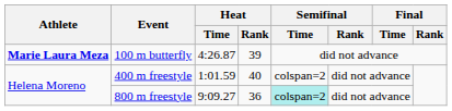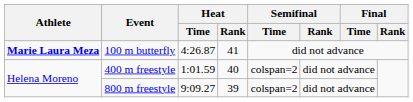 <table class=wikitable style="font-size:90%">
 <tr>
 <th rowspan="2">Athlete</th>
 <th rowspan="2">Event</th>
 <th colspan="2">Heat</th>
 <th colspan="2">Semifinal</th>
 <th colspan="2">Final</th>
 </tr>
 <tr style="font-size:95%">
 <th>Time</th>
 <th>Rank</th>
 <th>Time</th>
 <th>Rank</th>
 <th>Time</th>
 <th>Rank</th>
 </tr>
 <tr align=center>
 <td align=left><strong><a href='#'>Marie Laura Meza</a></strong></td>
 <td align=left><a href='#'>100 m butterfly</a></td>
 <td>4:26.87</td>
-<td>39</td>
+<td>41</td>
 <td colspan=4>did not advance</td>
 </tr>
 <tr align=center>
 <td align=left rowspan=2><a href='#'>Helena Moreno</a></td>
 <td align=left><a href='#'>400 m freestyle</a></td>
 <td>1:01.59</td>
 <td>40</td>
 <td>colspan=2 </td>
 <td colspan=2>did not advance</td>
 </tr>
 <tr align=center>
 <td align=left><a href='#'>800 m freestyle</a></td>
 <td>9:09.27</td>
-<td>36</td>
-<td style="background: paleturquoise;">colspan=2 </td>
+<td>39</td>
+<td>colspan=2 </td>
 <td colspan=2>did not advance</td>
 </tr>
 </table>
